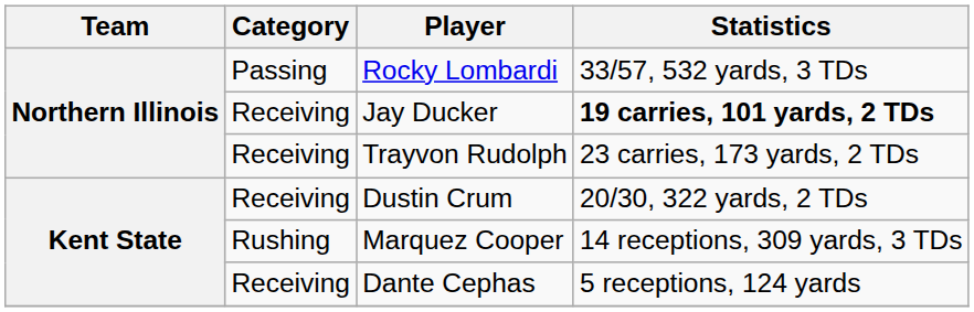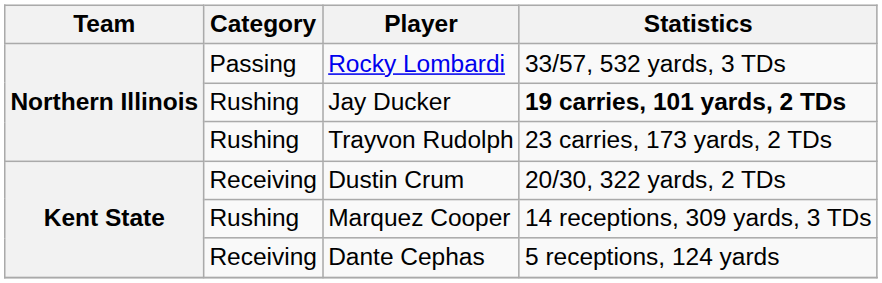 <table class="wikitable" style="float: left;">
 <tr>
 <th>Team</th>
 <th>Category</th>
 <th>Player</th>
 <th>Statistics</th>
 </tr>
 <tr>
 <th rowspan=3>Northern Illinois</th>
 <td>Passing</td>
 <td><a href='#'>Rocky Lombardi</a></td>
 <td>33/57, 532 yards, 3 TDs</td>
 </tr>
 <tr>
-<td>Receiving</td>
+<td>Rushing</td>
 <td>Jay Ducker</td>
 <td><strong>19 carries, 101 yards, 2 TDs</strong></td>
 </tr>
 <tr>
-<td>Receiving</td>
+<td>Rushing</td>
 <td>Trayvon Rudolph</td>
 <td>23 carries, 173 yards, 2 TDs</td>
 </tr>
 <tr>
 <th rowspan=3 style=>Kent State</th>
 <td>Receiving</td>
 <td>Dustin Crum</td>
 <td>20/30, 322 yards, 2 TDs</td>
 </tr>
 <tr>
 <td>Rushing</td>
 <td>Marquez Cooper</td>
 <td>14 receptions, 309 yards, 3 TDs</td>
 </tr>
 <tr>
 <td>Receiving</td>
 <td>Dante Cephas</td>
 <td>5 receptions, 124 yards</td>
 </tr>
 <tr>
 </tr>
 </table>
